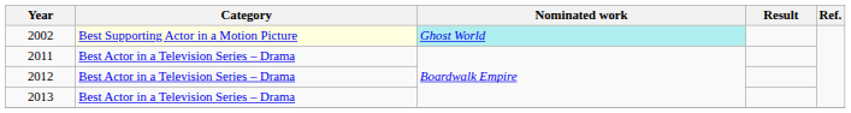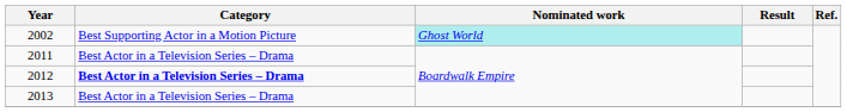 <table class=wikitable>
 <tr>
 <th scope="col" style="width:5em;">Year</th>
 <th scope="col" style="width:26em;">Category</th>
 <th scope="col" style="width:25em;">Nominated work</th>
 <th scope="col" style="width:5em;">Result</th>
 <th>Ref.</th>
 </tr>
 <tr>
 <td style="text-align:center;">2002</td>
-<td style="background: lightyellow;"><a href='#'>Best Supporting Actor in a Motion Picture</a></td>
+<td><a href='#'>Best Supporting Actor in a Motion Picture</a></td>
 <td style="background: paleturquoise;"><em><a href='#'>Ghost World</a></em></td>
 <td></td>
 <td rowspan=4></td>
 </tr>
 <tr>
 <td style="text-align:center;">2011</td>
 <td><a href='#'>Best Actor in a Television Series – Drama</a></td>
 <td rowspan="3"><em><a href='#'>Boardwalk Empire</a></em></td>
 <td></td>
 </tr>
 <tr>
 <td style="text-align:center;">2012</td>
-<td><a href='#'>Best Actor in a Television Series – Drama</a></td>
+<td><strong><a href='#'>Best Actor in a Television Series – Drama</a></strong></td>
 <td></td>
 </tr>
 <tr>
 <td style="text-align:center;">2013</td>
 <td><a href='#'>Best Actor in a Television Series – Drama</a></td>
 <td></td>
 </tr>
 <tr>
 </tr>
 </table>
